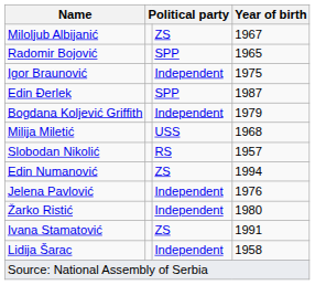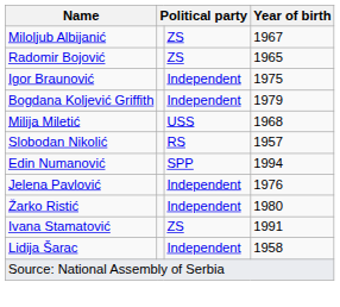 <table class="wikitable sortable" style="text-align:left">
 <tr>
 <th>Name</th>
 <th colspan="2">Political party</th>
 <th>Year of birth</th>
 </tr>
 <tr>
 <td><a href='#'>Miloljub Albijanić</a></td>
 <td width="1" style="color:inherit;background: "></td>
 <td><a href='#'>ZS</a></td>
 <td>1967</td>
 </tr>
 <tr>
 <td><a href='#'>Radomir Bojović</a></td>
 <td width="1" style="color:inherit;background: "></td>
-<td><a href='#'>SPP</a></td>
+<td><a href='#'>ZS</a></td>
 <td>1965</td>
 </tr>
 <tr>
 <td><a href='#'>Igor Braunović</a></td>
 <td width="1" style="color:inherit;background: "></td>
 <td><a href='#'>Independent</a></td>
 <td>1975</td>
-</tr>
-<tr>
-<td><a href='#'>Edin Đerlek</a></td>
-<td width="1" style="color:inherit;background: "></td>
-<td><a href='#'>SPP</a></td>
-<td>1987</td>
 </tr>
 <tr>
 <td><a href='#'>Bogdana Koljević Griffith</a></td>
 <td width="1" style="color:inherit;background: "></td>
 <td><a href='#'>Independent</a></td>
 <td>1979</td>
 </tr>
 <tr>
 <td><a href='#'>Milija Miletić</a></td>
 <td width="1" style="color:inherit;background: "></td>
 <td><a href='#'>USS</a></td>
 <td>1968</td>
 </tr>
 <tr>
 <td><a href='#'>Slobodan Nikolić</a></td>
 <td width="1" style="color:inherit;background: "></td>
 <td><a href='#'>RS</a></td>
 <td>1957</td>
 </tr>
 <tr>
 <td><a href='#'>Edin Numanović</a></td>
 <td width="1" style="color:inherit;background: "></td>
-<td><a href='#'>ZS</a></td>
+<td><a href='#'>SPP</a></td>
 <td>1994</td>
 </tr>
 <tr>
 <td><a href='#'>Jelena Pavlović</a></td>
 <td width="1" style="color:inherit;background: "></td>
 <td><a href='#'>Independent</a></td>
 <td>1976</td>
 </tr>
 <tr>
 <td><a href='#'>Žarko Ristić</a></td>
 <td width="1" style="color:inherit;background: "></td>
 <td><a href='#'>Independent</a></td>
 <td>1980</td>
 </tr>
 <tr>
 <td><a href='#'>Ivana Stamatović</a></td>
 <td width="1" style="color:inherit;background: "></td>
 <td><a href='#'>ZS</a></td>
 <td>1991</td>
 </tr>
 <tr>
 <td><a href='#'>Lidija Šarac</a></td>
 <td width="1" style="color:inherit;background: "></td>
 <td><a href='#'>Independent</a></td>
 <td>1958</td>
 </tr>
 <tr>
 <td style="background-color:#EAECF0" colspan="4">Source: National Assembly of Serbia</td>
 </tr>
 </table>
